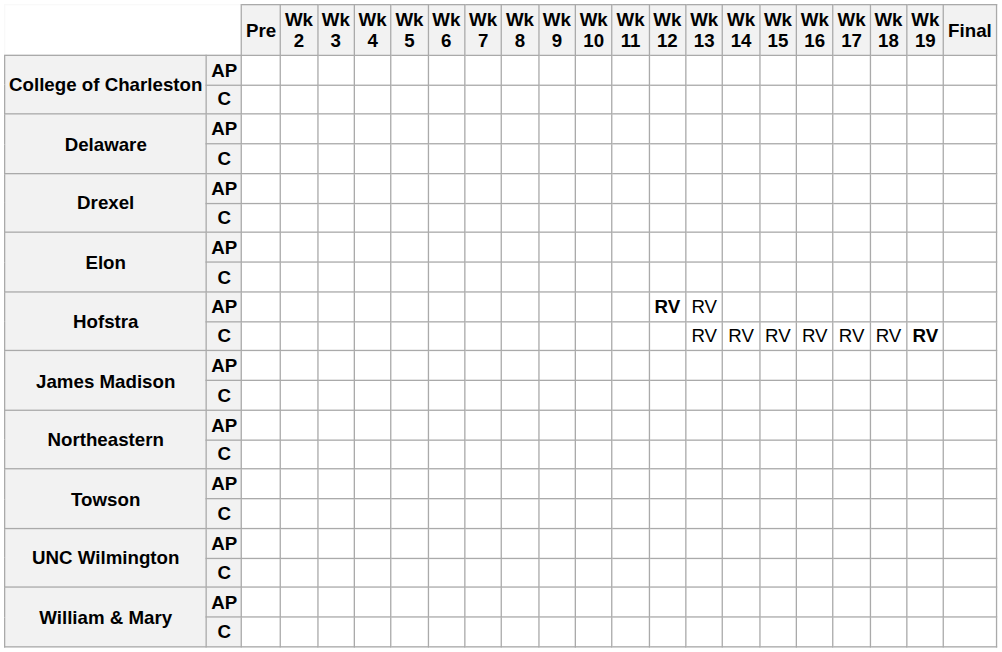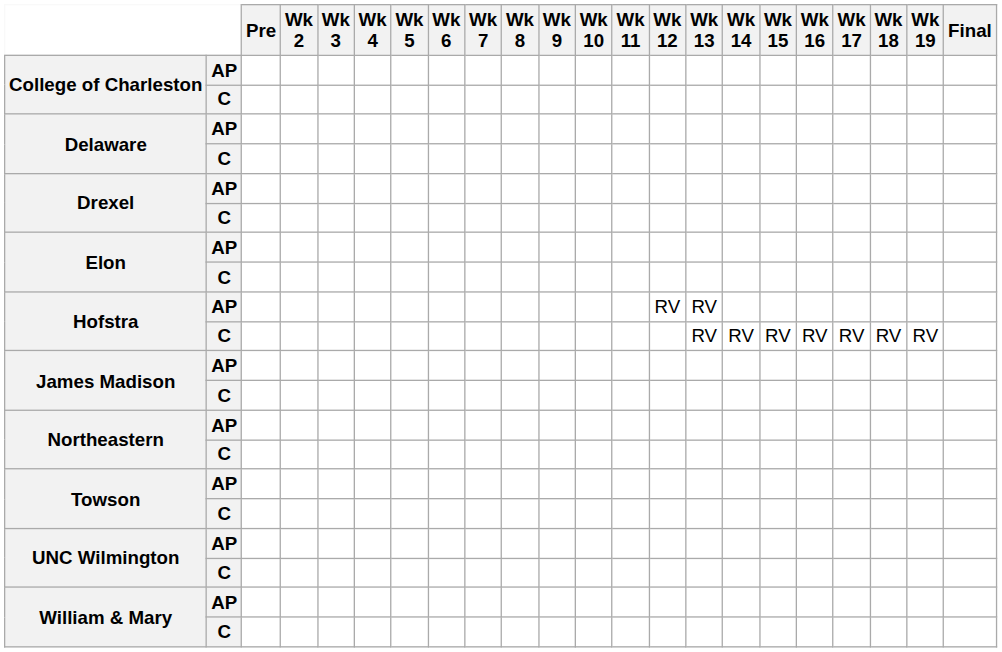 <table class="wikitable" style="white-space:nowrap;font-size:90%;">
 <tr>
 <th colspan=2 style="background:white; border-top-style:hidden; border-left-style:hidden;"> </th>
 <th>Pre</th>
 <th>Wk<br>2</th>
 <th>Wk<br>3</th>
 <th>Wk<br>4</th>
 <th>Wk<br>5</th>
 <th>Wk<br>6</th>
 <th>Wk<br>7</th>
 <th>Wk<br>8</th>
 <th>Wk<br>9</th>
 <th>Wk<br>10</th>
 <th>Wk<br>11</th>
 <th>Wk<br>12</th>
 <th>Wk<br>13</th>
 <th>Wk<br>14</th>
 <th>Wk<br>15</th>
 <th>Wk<br>16</th>
 <th>Wk<br>17</th>
 <th>Wk<br>18</th>
 <th>Wk<br>19</th>
 <th>Final</th>
 </tr>
 <tr style="text-align:center;">
 <th rowspan=2 style=>College of Charleston</th>
 <th>AP</th>
 <td style="background:#FFF;"></td>
 <td style="background:#FFF;"></td>
 <td style="background:#FFF;"></td>
 <td style="background:#FFF;"></td>
 <td style="background:#FFF;"></td>
 <td style="background:#FFF;"></td>
 <td style="background:#FFF;"></td>
 <td style="background:#FFF;"></td>
 <td style="background:#FFF;"></td>
 <td style="background:#FFF;"></td>
 <td style="background:#FFF;"></td>
 <td style="background:#FFF;"></td>
 <td style="background:#FFF;"></td>
 <td style="background:#FFF;"></td>
 <td style="background:#FFF;"></td>
 <td style="background:#FFF;"></td>
 <td style="background:#FFF;"></td>
 <td style="background:#FFF;"></td>
 <td style="background:#FFF;"></td>
 <td style="background:#FFF;"></td>
 </tr>
 <tr style="text-align:center;">
 <th>C</th>
 <td style="background:#FFF;"></td>
 <td style="background:#FFF;"></td>
 <td style="background:#FFF;"></td>
 <td style="background:#FFF;"></td>
 <td style="background:#FFF;"></td>
 <td style="background:#FFF;"></td>
 <td style="background:#FFF;"></td>
 <td style="background:#FFF;"></td>
 <td style="background:#FFF;"></td>
 <td style="background:#FFF;"></td>
 <td style="background:#FFF;"></td>
 <td style="background:#FFF;"></td>
 <td style="background:#FFF;"></td>
 <td style="background:#FFF;"></td>
 <td style="background:#FFF;"></td>
 <td style="background:#FFF;"></td>
 <td style="background:#FFF;"></td>
 <td style="background:#FFF;"></td>
 <td style="background:#FFF;"></td>
 <td style="background:#FFF;"></td>
 </tr>
 <tr style="text-align:center;">
 <th rowspan=2 style=>Delaware</th>
 <th>AP</th>
 <td style="background:#FFF;"></td>
 <td style="background:#FFF;"></td>
 <td style="background:#FFF;"></td>
 <td style="background:#FFF;"></td>
 <td style="background:#FFF;"></td>
 <td style="background:#FFF;"></td>
 <td style="background:#FFF;"></td>
 <td style="background:#FFF;"></td>
 <td style="background:#FFF;"></td>
 <td style="background:#FFF;"></td>
 <td style="background:#FFF;"></td>
 <td style="background:#FFF;"></td>
 <td style="background:#FFF;"></td>
 <td style="background:#FFF;"></td>
 <td style="background:#FFF;"></td>
 <td style="background:#FFF;"></td>
 <td style="background:#FFF;"></td>
 <td style="background:#FFF;"></td>
 <td style="background:#FFF;"></td>
 <td style="background:#FFF;"></td>
 </tr>
 <tr style="text-align:center;">
 <th>C</th>
 <td style="background:#FFF;"></td>
 <td style="background:#FFF;"></td>
 <td style="background:#FFF;"></td>
 <td style="background:#FFF;"></td>
 <td style="background:#FFF;"></td>
 <td style="background:#FFF;"></td>
 <td style="background:#FFF;"></td>
 <td style="background:#FFF;"></td>
 <td style="background:#FFF;"></td>
 <td style="background:#FFF;"></td>
 <td style="background:#FFF;"></td>
 <td style="background:#FFF;"></td>
 <td style="background:#FFF;"></td>
 <td style="background:#FFF;"></td>
 <td style="background:#FFF;"></td>
 <td style="background:#FFF;"></td>
 <td style="background:#FFF;"></td>
 <td style="background:#FFF;"></td>
 <td style="background:#FFF;"></td>
 <td style="background:#FFF;"></td>
 </tr>
 <tr style="text-align:center;">
 <th rowspan=2 style=>Drexel</th>
 <th>AP</th>
 <td style="background:#FFF;"></td>
 <td style="background:#FFF;"></td>
 <td style="background:#FFF;"></td>
 <td style="background:#FFF;"></td>
 <td style="background:#FFF;"></td>
 <td style="background:#FFF;"></td>
 <td style="background:#FFF;"></td>
 <td style="background:#FFF;"></td>
 <td style="background:#FFF;"></td>
 <td style="background:#FFF;"></td>
 <td style="background:#FFF;"></td>
 <td style="background:#FFF;"></td>
 <td style="background:#FFF;"></td>
 <td style="background:#FFF;"></td>
 <td style="background:#FFF;"></td>
 <td style="background:#FFF;"></td>
 <td style="background:#FFF;"></td>
 <td style="background:#FFF;"></td>
 <td style="background:#FFF;"></td>
 <td style="background:#FFF;"></td>
 </tr>
 <tr style="text-align:center;">
 <th>C</th>
 <td style="background:#FFF;"></td>
 <td style="background:#FFF;"></td>
 <td style="background:#FFF;"></td>
 <td style="background:#FFF;"></td>
 <td style="background:#FFF;"></td>
 <td style="background:#FFF;"></td>
 <td style="background:#FFF;"></td>
 <td style="background:#FFF;"></td>
 <td style="background:#FFF;"></td>
 <td style="background:#FFF;"></td>
 <td style="background:#FFF;"></td>
 <td style="background:#FFF;"></td>
 <td style="background:#FFF;"></td>
 <td style="background:#FFF;"></td>
 <td style="background:#FFF;"></td>
 <td style="background:#FFF;"></td>
 <td style="background:#FFF;"></td>
 <td style="background:#FFF;"></td>
 <td style="background:#FFF;"></td>
 <td style="background:#FFF;"></td>
 </tr>
 <tr style="text-align:center;">
 <th rowspan=2 style=>Elon</th>
 <th>AP</th>
 <td style="background:#FFF;"></td>
 <td style="background:#FFF;"></td>
 <td style="background:#FFF;"></td>
 <td style="background:#FFF;"></td>
 <td style="background:#FFF;"></td>
 <td style="background:#FFF;"></td>
 <td style="background:#FFF;"></td>
 <td style="background:#FFF;"></td>
 <td style="background:#FFF;"></td>
 <td style="background:#FFF;"></td>
 <td style="background:#FFF;"></td>
 <td style="background:#FFF;"></td>
 <td style="background:#FFF;"></td>
 <td style="background:#FFF;"></td>
 <td style="background:#FFF;"></td>
 <td style="background:#FFF;"></td>
 <td style="background:#FFF;"></td>
 <td style="background:#FFF;"></td>
 <td style="background:#FFF;"></td>
 <td style="background:#FFF;"></td>
 </tr>
 <tr style="text-align:center;">
 <th>C</th>
 <td style="background:#FFF;"></td>
 <td style="background:#FFF;"></td>
 <td style="background:#FFF;"></td>
 <td style="background:#FFF;"></td>
 <td style="background:#FFF;"></td>
 <td style="background:#FFF;"></td>
 <td style="background:#FFF;"></td>
 <td style="background:#FFF;"></td>
 <td style="background:#FFF;"></td>
 <td style="background:#FFF;"></td>
 <td style="background:#FFF;"></td>
 <td style="background:#FFF;"></td>
 <td style="background:#FFF;"></td>
 <td style="background:#FFF;"></td>
 <td style="background:#FFF;"></td>
 <td style="background:#FFF;"></td>
 <td style="background:#FFF;"></td>
 <td style="background:#FFF;"></td>
 <td style="background:#FFF;"></td>
 <td style="background:#FFF;"></td>
 </tr>
 <tr style="text-align:center;">
 <th rowspan=2 style=>Hofstra</th>
 <th>AP</th>
 <td style="background:#FFF;"></td>
 <td style="background:#FFF;"></td>
 <td style="background:#FFF;"></td>
 <td style="background:#FFF;"></td>
 <td style="background:#FFF;"></td>
 <td style="background:#FFF;"></td>
 <td style="background:#FFF;"></td>
 <td style="background:#FFF;"></td>
 <td style="background:#FFF;"></td>
 <td style="background:#FFF;"></td>
 <td style="background:#FFF;"></td>
-<td style="background:#FFF;"><strong>RV</strong></td>
+<td style="background:#FFF;">RV</td>
 <td style="background:#FFF;">RV</td>
 <td style="background:#FFF;"></td>
 <td style="background:#FFF;"></td>
 <td style="background:#FFF;"></td>
 <td style="background:#FFF;"></td>
 <td style="background:#FFF;"></td>
 <td style="background:#FFF;"></td>
 <td style="background:#FFF;"></td>
 </tr>
 <tr style="text-align:center;">
 <th>C</th>
 <td style="background:#FFF;"></td>
 <td style="background:#FFF;"></td>
 <td style="background:#FFF;"></td>
 <td style="background:#FFF;"></td>
 <td style="background:#FFF;"></td>
 <td style="background:#FFF;"></td>
 <td style="background:#FFF;"></td>
 <td style="background:#FFF;"></td>
 <td style="background:#FFF;"></td>
 <td style="background:#FFF;"></td>
 <td style="background:#FFF;"></td>
 <td style="background:#FFF;"></td>
 <td style="background:#FFF;">RV</td>
 <td style="background:#FFF;">RV</td>
 <td style="background:#FFF;">RV</td>
 <td style="background:#FFF;">RV</td>
 <td style="background:#FFF;">RV</td>
 <td style="background:#FFF;">RV</td>
-<td style="background:#FFF;"><strong>RV</strong></td>
+<td style="background:#FFF;">RV</td>
 <td style="background:#FFF;"></td>
 </tr>
 <tr style="text-align:center;">
 <th rowspan=2 style=>James Madison</th>
 <th>AP</th>
 <td style="background:#FFF;"></td>
 <td style="background:#FFF;"></td>
 <td style="background:#FFF;"></td>
 <td style="background:#FFF;"></td>
 <td style="background:#FFF;"></td>
 <td style="background:#FFF;"></td>
 <td style="background:#FFF;"></td>
 <td style="background:#FFF;"></td>
 <td style="background:#FFF;"></td>
 <td style="background:#FFF;"></td>
 <td style="background:#FFF;"></td>
 <td style="background:#FFF;"></td>
 <td style="background:#FFF;"></td>
 <td style="background:#FFF;"></td>
 <td style="background:#FFF;"></td>
 <td style="background:#FFF;"></td>
 <td style="background:#FFF;"></td>
 <td style="background:#FFF;"></td>
 <td style="background:#FFF;"></td>
 <td style="background:#FFF;"></td>
 </tr>
 <tr style="text-align:center;">
 <th>C</th>
 <td style="background:#FFF;"></td>
 <td style="background:#FFF;"></td>
 <td style="background:#FFF;"></td>
 <td style="background:#FFF;"></td>
 <td style="background:#FFF;"></td>
 <td style="background:#FFF;"></td>
 <td style="background:#FFF;"></td>
 <td style="background:#FFF;"></td>
 <td style="background:#FFF;"></td>
 <td style="background:#FFF;"></td>
 <td style="background:#FFF;"></td>
 <td style="background:#FFF;"></td>
 <td style="background:#FFF;"></td>
 <td style="background:#FFF;"></td>
 <td style="background:#FFF;"></td>
 <td style="background:#FFF;"></td>
 <td style="background:#FFF;"></td>
 <td style="background:#FFF;"></td>
 <td style="background:#FFF;"></td>
 <td style="background:#FFF;"></td>
 </tr>
 <tr style="text-align:center;">
 <th rowspan=2 style=>Northeastern</th>
 <th>AP</th>
 <td style="background:#FFF;"></td>
 <td style="background:#FFF;"></td>
 <td style="background:#FFF;"></td>
 <td style="background:#FFF;"></td>
 <td style="background:#FFF;"></td>
 <td style="background:#FFF;"></td>
 <td style="background:#FFF;"></td>
 <td style="background:#FFF;"></td>
 <td style="background:#FFF;"></td>
 <td style="background:#FFF;"></td>
 <td style="background:#FFF;"></td>
 <td style="background:#FFF;"></td>
 <td style="background:#FFF;"></td>
 <td style="background:#FFF;"></td>
 <td style="background:#FFF;"></td>
 <td style="background:#FFF;"></td>
 <td style="background:#FFF;"></td>
 <td style="background:#FFF;"></td>
 <td style="background:#FFF;"></td>
 <td style="background:#FFF;"></td>
 </tr>
 <tr style="text-align:center;">
 <th>C</th>
 <td style="background:#FFF;"></td>
 <td style="background:#FFF;"></td>
 <td style="background:#FFF;"></td>
 <td style="background:#FFF;"></td>
 <td style="background:#FFF;"></td>
 <td style="background:#FFF;"></td>
 <td style="background:#FFF;"></td>
 <td style="background:#FFF;"></td>
 <td style="background:#FFF;"></td>
 <td style="background:#FFF;"></td>
 <td style="background:#FFF;"></td>
 <td style="background:#FFF;"></td>
 <td style="background:#FFF;"></td>
 <td style="background:#FFF;"></td>
 <td style="background:#FFF;"></td>
 <td style="background:#FFF;"></td>
 <td style="background:#FFF;"></td>
 <td style="background:#FFF;"></td>
 <td style="background:#FFF;"></td>
 <td style="background:#FFF;"></td>
 </tr>
 <tr style="text-align:center;">
 <th rowspan=2 style=>Towson</th>
 <th>AP</th>
 <td style="background:#FFF;"></td>
 <td style="background:#FFF;"></td>
 <td style="background:#FFF;"></td>
 <td style="background:#FFF;"></td>
 <td style="background:#FFF;"></td>
 <td style="background:#FFF;"></td>
 <td style="background:#FFF;"></td>
 <td style="background:#FFF;"></td>
 <td style="background:#FFF;"></td>
 <td style="background:#FFF;"></td>
 <td style="background:#FFF;"></td>
 <td style="background:#FFF;"></td>
 <td style="background:#FFF;"></td>
 <td style="background:#FFF;"></td>
 <td style="background:#FFF;"></td>
 <td style="background:#FFF;"></td>
 <td style="background:#FFF;"></td>
 <td style="background:#FFF;"></td>
 <td style="background:#FFF;"></td>
 <td style="background:#FFF;"></td>
 </tr>
 <tr style="text-align:center;">
 <th>C</th>
 <td style="background:#FFF;"></td>
 <td style="background:#FFF;"></td>
 <td style="background:#FFF;"></td>
 <td style="background:#FFF;"></td>
 <td style="background:#FFF;"></td>
 <td style="background:#FFF;"></td>
 <td style="background:#FFF;"></td>
 <td style="background:#FFF;"></td>
 <td style="background:#FFF;"></td>
 <td style="background:#FFF;"></td>
 <td style="background:#FFF;"></td>
 <td style="background:#FFF;"></td>
 <td style="background:#FFF;"></td>
 <td style="background:#FFF;"></td>
 <td style="background:#FFF;"></td>
 <td style="background:#FFF;"></td>
 <td style="background:#FFF;"></td>
 <td style="background:#FFF;"></td>
 <td style="background:#FFF;"></td>
 <td style="background:#FFF;"></td>
 </tr>
 <tr style="text-align:center;">
 <th rowspan=2 style=>UNC Wilmington</th>
 <th>AP</th>
 <td style="background:#FFF;"></td>
 <td style="background:#FFF;"></td>
 <td style="background:#FFF;"></td>
 <td style="background:#FFF;"></td>
 <td style="background:#FFF;"></td>
 <td style="background:#FFF;"></td>
 <td style="background:#FFF;"></td>
 <td style="background:#FFF;"></td>
 <td style="background:#FFF;"></td>
 <td style="background:#FFF;"></td>
 <td style="background:#FFF;"></td>
 <td style="background:#FFF;"></td>
 <td style="background:#FFF;"></td>
 <td style="background:#FFF;"></td>
 <td style="background:#FFF;"></td>
 <td style="background:#FFF;"></td>
 <td style="background:#FFF;"></td>
 <td style="background:#FFF;"></td>
 <td style="background:#FFF;"></td>
 <td style="background:#FFF;"></td>
 </tr>
 <tr style="text-align:center;">
 <th>C</th>
 <td style="background:#FFF;"></td>
 <td style="background:#FFF;"></td>
 <td style="background:#FFF;"></td>
 <td style="background:#FFF;"></td>
 <td style="background:#FFF;"></td>
 <td style="background:#FFF;"></td>
 <td style="background:#FFF;"></td>
 <td style="background:#FFF;"></td>
 <td style="background:#FFF;"></td>
 <td style="background:#FFF;"></td>
 <td style="background:#FFF;"></td>
 <td style="background:#FFF;"></td>
 <td style="background:#FFF;"></td>
 <td style="background:#FFF;"></td>
 <td style="background:#FFF;"></td>
 <td style="background:#FFF;"></td>
 <td style="background:#FFF;"></td>
 <td style="background:#FFF;"></td>
 <td style="background:#FFF;"></td>
 <td style="background:#FFF;"></td>
 </tr>
 <tr style="text-align:center;">
 <th rowspan=2 style=>William & Mary</th>
 <th>AP</th>
 <td style="background:#FFF;"></td>
 <td style="background:#FFF;"></td>
 <td style="background:#FFF;"></td>
 <td style="background:#FFF;"></td>
 <td style="background:#FFF;"></td>
 <td style="background:#FFF;"></td>
 <td style="background:#FFF;"></td>
 <td style="background:#FFF;"></td>
 <td style="background:#FFF;"></td>
 <td style="background:#FFF;"></td>
 <td style="background:#FFF;"></td>
 <td style="background:#FFF;"></td>
 <td style="background:#FFF;"></td>
 <td style="background:#FFF;"></td>
 <td style="background:#FFF;"></td>
 <td style="background:#FFF;"></td>
 <td style="background:#FFF;"></td>
 <td style="background:#FFF;"></td>
 <td style="background:#FFF;"></td>
 <td style="background:#FFF;"></td>
 </tr>
 <tr style="text-align:center;">
 <th>C</th>
 <td style="background:#FFF;"></td>
 <td style="background:#FFF;"></td>
 <td style="background:#FFF;"></td>
 <td style="background:#FFF;"></td>
 <td style="background:#FFF;"></td>
 <td style="background:#FFF;"></td>
 <td style="background:#FFF;"></td>
 <td style="background:#FFF;"></td>
 <td style="background:#FFF;"></td>
 <td style="background:#FFF;"></td>
 <td style="background:#FFF;"></td>
 <td style="background:#FFF;"></td>
 <td style="background:#FFF;"></td>
 <td style="background:#FFF;"></td>
 <td style="background:#FFF;"></td>
 <td style="background:#FFF;"></td>
 <td style="background:#FFF;"></td>
 <td style="background:#FFF;"></td>
 <td style="background:#FFF;"></td>
 <td style="background:#FFF;"></td>
 </tr>
 </table>
